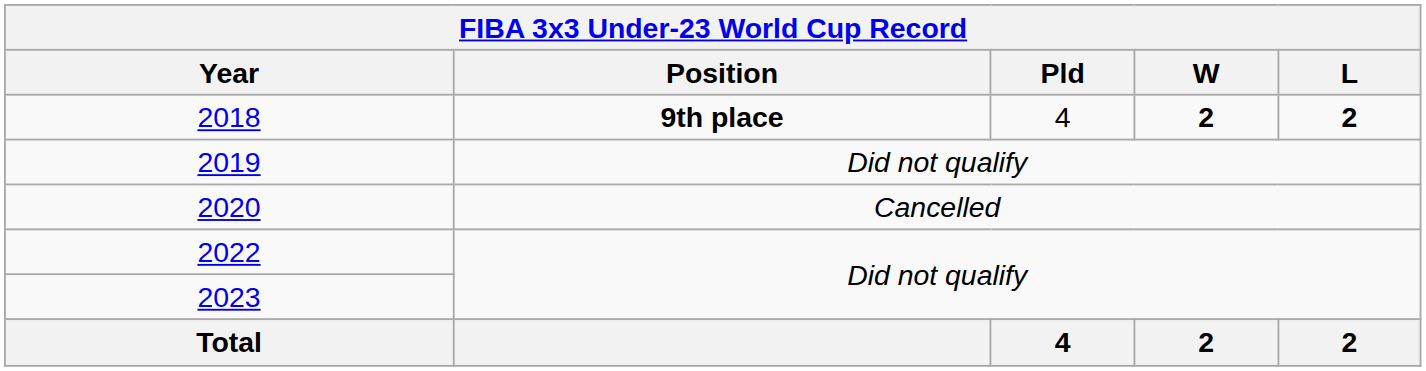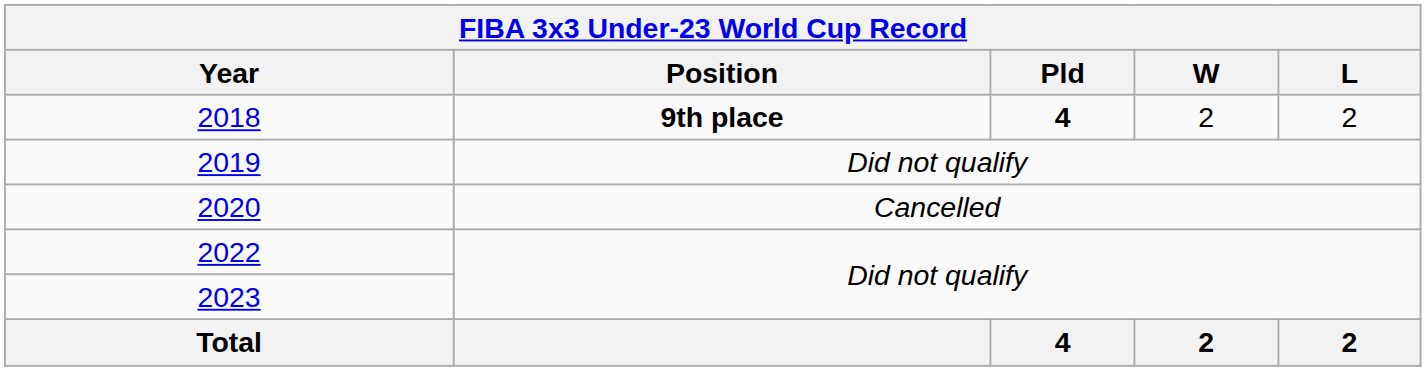 <table class="wikitable collapsible autocollapse" style="text-align: center; font-size:95%;" width=60%>
 <tr>
 <th colspan=9><a href='#'>FIBA 3x3 Under-23 World Cup Record</a></th>
 </tr>
 <tr>
 <th width=25%>Year</th>
 <th width=30%>Position</th>
 <th width=8%>Pld</th>
 <th width=8%>W</th>
 <th width=8%>L</th>
 </tr>
 <tr>
 <td> <a href='#'>2018</a></td>
 <td><strong>9th place</strong></td>
-<td>4</td>
-<td><strong>2</strong></td>
-<td><strong>2</strong></td>
+<td><strong>4</strong></td>
+<td>2</td>
+<td>2</td>
 </tr>
 <tr>
 <td> <a href='#'>2019</a></td>
 <td colspan=4><em>Did not qualify</em></td>
 </tr>
 <tr>
 <td> <a href='#'>2020</a></td>
 <td colspan=4><em>Cancelled</em></td>
 </tr>
 <tr>
 <td> <a href='#'>2022</a></td>
 <td rowspan=2 colspan=4><em>Did not qualify</em></td>
 </tr>
 <tr>
 <td> <a href='#'>2023</a></td>
 </tr>
 <tr>
 <th><strong>Total</strong></th>
 <th></th>
 <th>4</th>
 <th>2</th>
 <th>2</th>
 </tr>
 </table>
